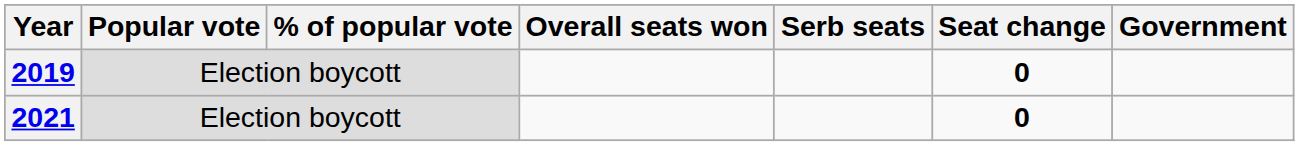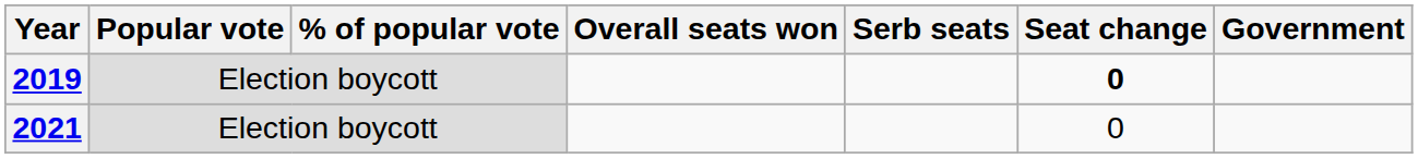 <table class="wikitable" style="text-align:center">
 <tr>
 <th>Year</th>
 <th>Popular vote</th>
 <th>% of popular vote</th>
 <th>Overall seats won</th>
 <th>Serb seats</th>
 <th>Seat change</th>
 <th>Government</th>
 </tr>
 <tr>
 <th><a href='#'>2019</a></th>
 <td colspan=2 style="background:#ddd;">Election boycott</td>
 <td></td>
 <td></td>
 <td><strong> 0</strong></td>
 <td></td>
 </tr>
 <tr>
 <th><a href='#'>2021</a></th>
 <td colspan="2" style="background:#ddd;">Election boycott</td>
 <td></td>
 <td></td>
-<td><strong> 0</strong></td>
+<td> 0</td>
 <td></td>
 </tr>
 </table>
